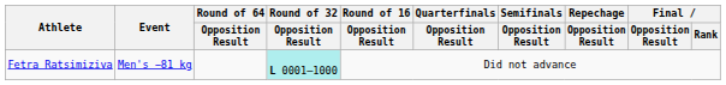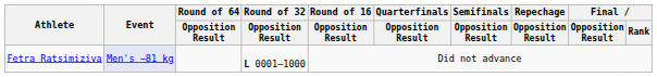 <table class="wikitable" style="font-size:90%">
 <tr>
 <th rowspan=2>Athlete</th>
 <th rowspan=2>Event</th>
 <th>Round of 64</th>
 <th>Round of 32</th>
 <th>Round of 16</th>
 <th>Quarterfinals</th>
 <th>Semifinals</th>
 <th>Repechage</th>
 <th colspan=2>Final / </th>
 </tr>
 <tr style="font-size:95%">
 <th>Opposition<br>Result</th>
 <th>Opposition<br>Result</th>
 <th>Opposition<br>Result</th>
 <th>Opposition<br>Result</th>
 <th>Opposition<br>Result</th>
 <th>Opposition<br>Result</th>
 <th>Opposition<br>Result</th>
 <th>Rank</th>
 </tr>
 <tr align=center>
 <td align=left><a href='#'>Fetra Ratsimiziva</a></td>
-<td align=left><a href='#'>Men's −81 kg</a></td>
+<td align=left style="background: lavender;"><a href='#'>Men's −81 kg</a></td>
 <td></td>
-<td style="background: paleturquoise;"><br><strong>L</strong> 0001–1000</td>
+<td><br><strong>L</strong> 0001–1000</td>
 <td colspan=6>Did not advance</td>
 </tr>
 </table>
